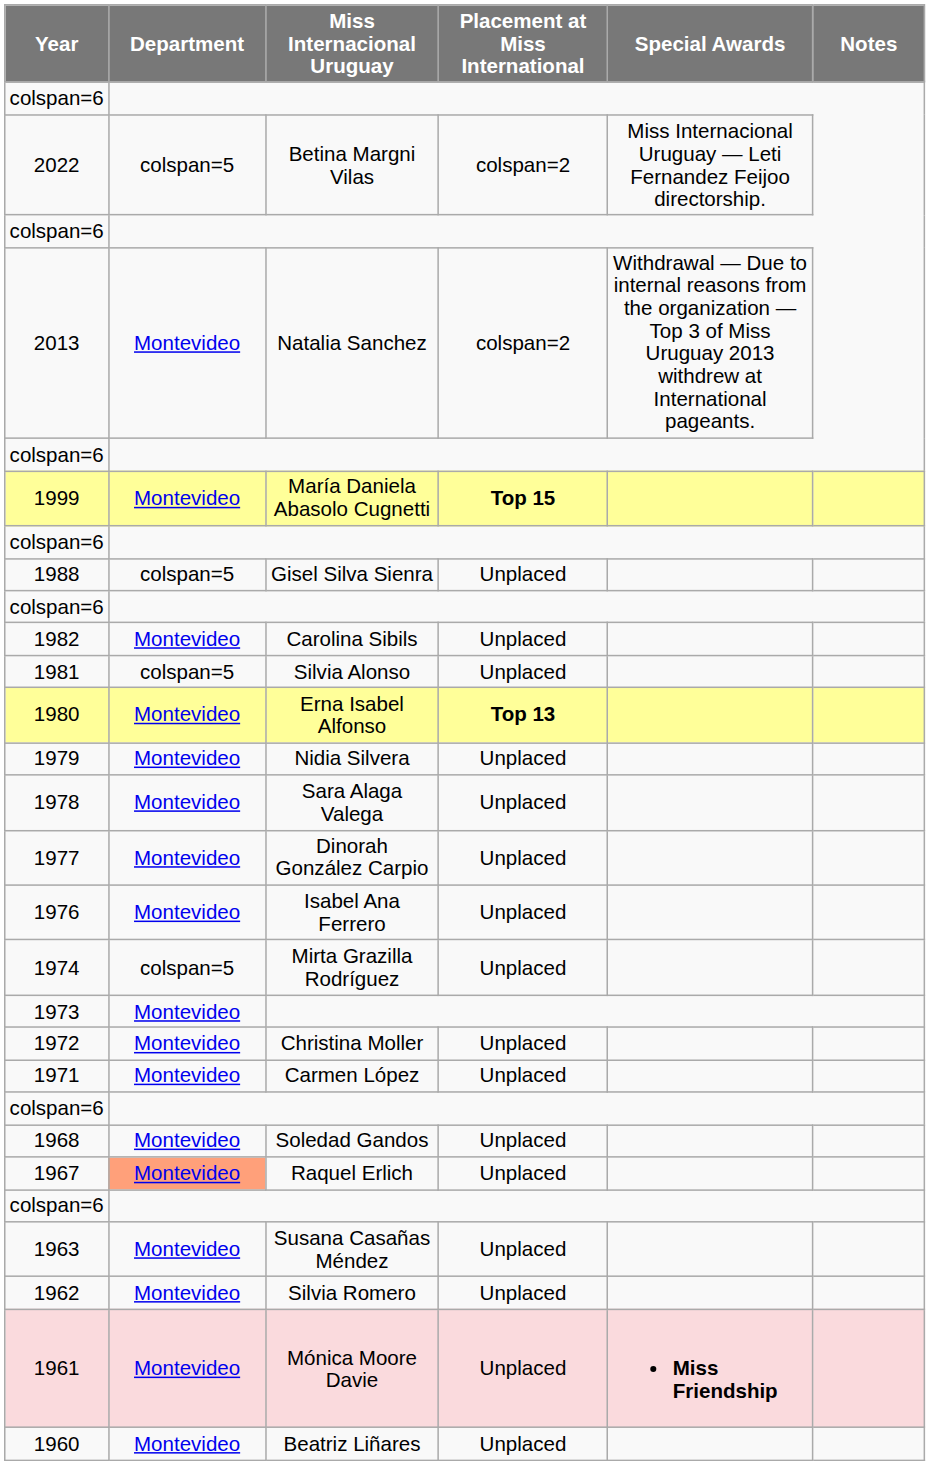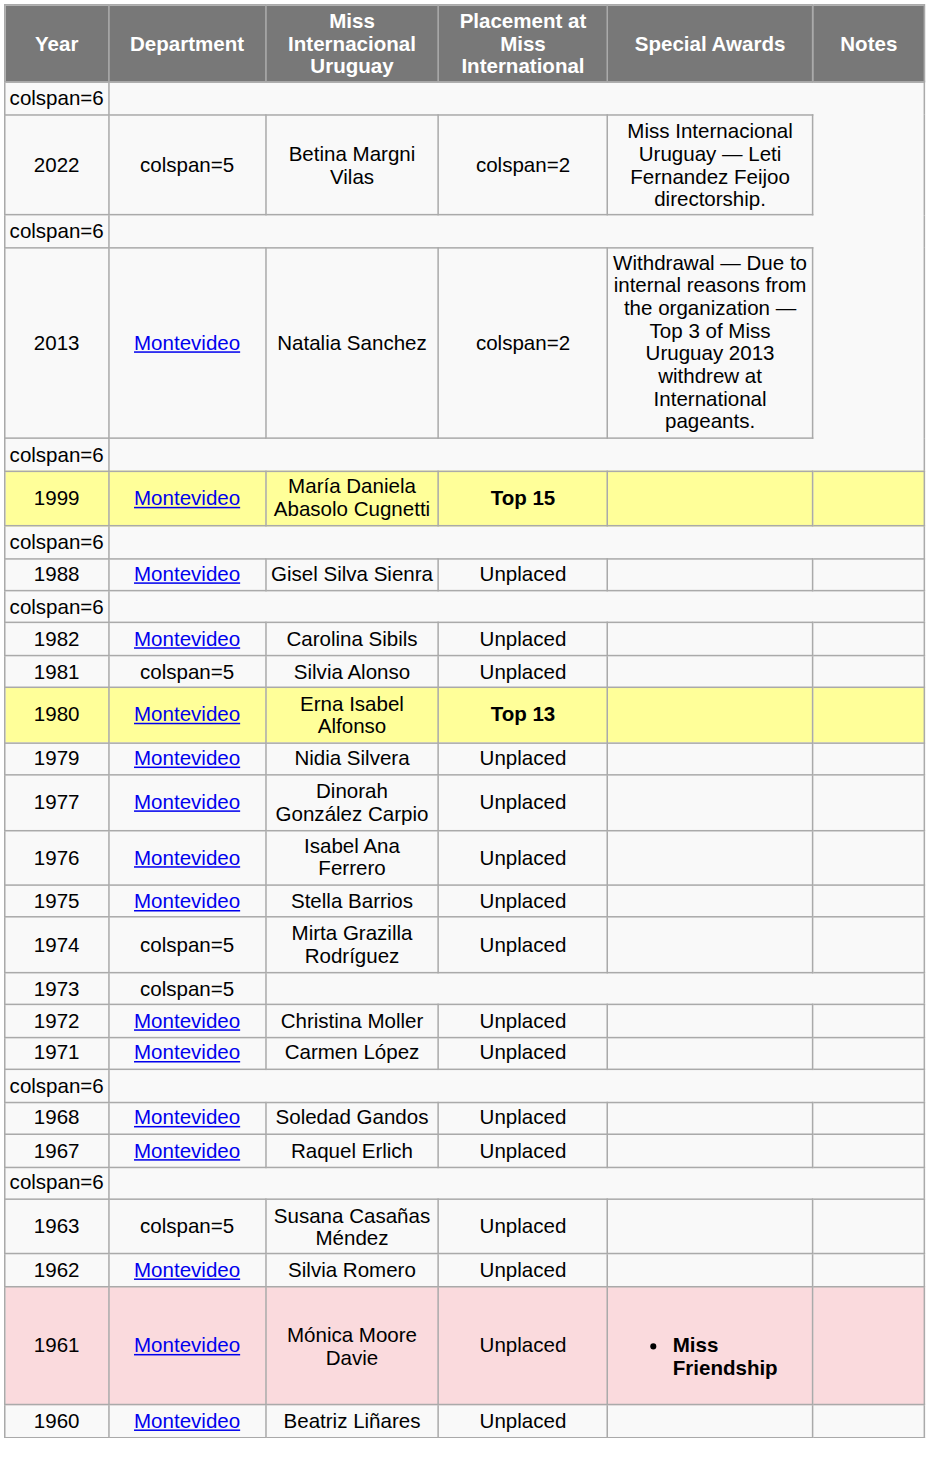 <table class="wikitable " style="font-size: 85%; text-align:center">
 <tr>
 <th style="width:60px; background:#787878; color:#fff;">Year</th>
 <th style="width:230px; background:#787878; color:#fff;">Department</th>
 <th style="width:250px; background:#787878; color:#fff;">Miss Internacional Uruguay</th>
 <th style="width:250px; background:#787878; color:#fff;">Placement at Miss International</th>
 <th style="width:250px; background:#787878; color:#fff;">Special Awards</th>
 <th style="width:250px; background:#787878; color:#fff;">Notes</th>
 </tr>
 <tr>
 <td>colspan=6 </td>
 </tr>
 <tr>
 <td>2022</td>
 <td>colspan=5 </td>
 <td>Betina Margni Vilas</td>
 <td>colspan=2 </td>
 <td>Miss Internacional Uruguay — Leti Fernandez Feijoo directorship.</td>
 </tr>
 <tr>
 <td>colspan=6 </td>
 </tr>
 <tr>
 <td>2013</td>
 <td><a href='#'>Montevideo</a></td>
 <td>Natalia Sanchez</td>
 <td>colspan=2 </td>
 <td>Withdrawal — Due to internal reasons from the organization — Top 3 of Miss Uruguay 2013 withdrew at International pageants.</td>
 </tr>
 <tr>
 <td>colspan=6 </td>
 </tr>
 <tr style="background:#ff9;">
 <td>1999</td>
 <td><a href='#'>Montevideo</a></td>
 <td>María Daniela Abasolo Cugnetti</td>
 <td><strong>Top 15</strong></td>
 <td></td>
 <td></td>
 </tr>
 <tr>
 <td>colspan=6 </td>
 </tr>
 <tr>
 <td>1988</td>
-<td>colspan=5 </td>
+<td><a href='#'>Montevideo</a></td>
 <td>Gisel Silva Sienra</td>
 <td>Unplaced</td>
 <td></td>
 <td></td>
 </tr>
 <tr>
 <td>colspan=6 </td>
 </tr>
 <tr>
 <td>1982</td>
 <td><a href='#'>Montevideo</a></td>
 <td>Carolina Sibils</td>
 <td>Unplaced</td>
 <td></td>
 <td></td>
 </tr>
 <tr>
 <td>1981</td>
 <td>colspan=5 </td>
 <td>Silvia Alonso</td>
 <td>Unplaced</td>
 <td></td>
 <td></td>
 </tr>
 <tr style="background:#ff9;">
 <td>1980</td>
 <td><a href='#'>Montevideo</a></td>
 <td>Erna Isabel Alfonso</td>
 <td><strong>Top 13</strong></td>
 <td></td>
 <td></td>
 </tr>
 <tr>
 <td>1979</td>
 <td><a href='#'>Montevideo</a></td>
 <td>Nidia Silvera</td>
 <td>Unplaced</td>
 <td></td>
 <td></td>
 </tr>
 <tr>
-<td>1978</td>
-<td><a href='#'>Montevideo</a></td>
-<td>Sara Alaga Valega</td>
-<td>Unplaced</td>
-<td></td>
-<td></td>
-</tr>
-<tr>
 <td>1977</td>
 <td><a href='#'>Montevideo</a></td>
 <td>Dinorah González Carpio</td>
 <td>Unplaced</td>
 <td></td>
 <td></td>
 </tr>
 <tr>
 <td>1976</td>
 <td><a href='#'>Montevideo</a></td>
 <td>Isabel Ana Ferrero</td>
 <td>Unplaced</td>
 <td></td>
 <td></td>
 </tr>
 <tr>
+<td>1975</td>
+<td><a href='#'>Montevideo</a></td>
+<td>Stella Barrios</td>
+<td>Unplaced</td>
+<td></td>
+<td></td>
+</tr>
+<tr>
 <td>1974</td>
 <td>colspan=5 </td>
 <td>Mirta Grazilla Rodríguez</td>
 <td>Unplaced</td>
 <td></td>
 <td></td>
 </tr>
 <tr>
 <td>1973</td>
-<td><a href='#'>Montevideo</a></td>
+<td>colspan=5 </td>
 </tr>
 <tr>
 <td>1972</td>
 <td><a href='#'>Montevideo</a></td>
 <td>Christina Moller</td>
 <td>Unplaced</td>
 <td></td>
 <td></td>
 </tr>
 <tr>
 <td>1971</td>
 <td><a href='#'>Montevideo</a></td>
 <td>Carmen López</td>
 <td>Unplaced</td>
 <td></td>
 <td></td>
 </tr>
 <tr>
 <td>colspan=6 </td>
 </tr>
 <tr>
 <td>1968</td>
 <td><a href='#'>Montevideo</a></td>
 <td>Soledad Gandos</td>
 <td>Unplaced</td>
 <td></td>
 <td></td>
 </tr>
 <tr>
 <td>1967</td>
-<td style="background: lightsalmon;"><a href='#'>Montevideo</a></td>
+<td><a href='#'>Montevideo</a></td>
 <td>Raquel Erlich</td>
 <td>Unplaced</td>
 <td></td>
 <td></td>
 </tr>
 <tr>
 <td>colspan=6 </td>
 </tr>
 <tr>
 <td>1963</td>
-<td><a href='#'>Montevideo</a></td>
+<td>colspan=5 </td>
 <td>Susana Casañas Méndez</td>
 <td>Unplaced</td>
 <td></td>
 <td></td>
 </tr>
 <tr>
 <td>1962</td>
 <td><a href='#'>Montevideo</a></td>
 <td>Silvia Romero</td>
 <td>Unplaced</td>
 <td></td>
 <td></td>
 </tr>
 <tr style="background:#fadadd;">
 <td>1961</td>
 <td><a href='#'>Montevideo</a></td>
 <td>Mónica Moore Davie</td>
 <td>Unplaced</td>
 <td style="text-align:left;"><br><ul><li><strong>Miss Friendship</strong></li></ul></td>
 <td></td>
 </tr>
 <tr>
 <td>1960</td>
 <td><a href='#'>Montevideo</a></td>
 <td>Beatriz Liñares</td>
 <td>Unplaced</td>
 <td></td>
 <td></td>
 </tr>
 </table>
